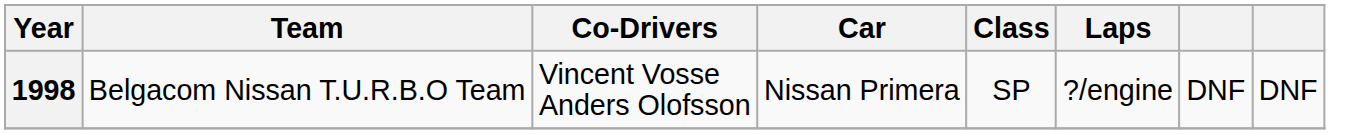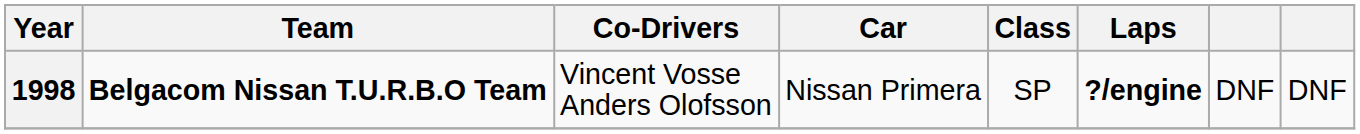 <table class="wikitable" style="font-size:90%">
 <tr>
 <th>Year</th>
 <th>Team</th>
 <th>Co-Drivers</th>
 <th>Car</th>
 <th>Class</th>
 <th>Laps</th>
 <th></th>
 <th></th>
 </tr>
 <tr style="text-align:center;">
 <th>1998</th>
-<td align="left" nowrap> Belgacom Nissan T.U.R.B.O Team</td>
+<td align="left" nowrap><strong> Belgacom Nissan T.U.R.B.O Team</strong></td>
 <td align="left" nowrap> Vincent Vosse<br> Anders Olofsson</td>
 <td align="left" nowrap>Nissan Primera</td>
 <td>SP</td>
-<td>?/engine</td>
+<td><strong>?/engine</strong></td>
 <td>DNF</td>
 <td>DNF</td>
 </tr>
 <tr style="text-align:center;">
 </tr>
 </table>
